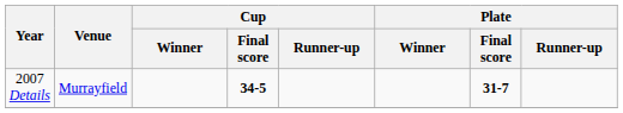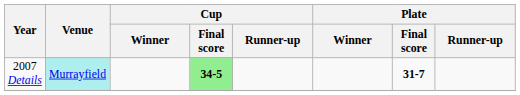 <table class="wikitable" style="font-size:90%; width: 100%; text-align: center;">
 <tr>
 <th rowspan=2 width=5%>Year</th>
 <th rowspan=2 width=10%>Venue</th>
 <th colspan=3>Cup</th>
 <th colspan=3>Plate</th>
 </tr>
 <tr>
 <th width=15%>Winner</th>
 <th width=8%>Final score</th>
 <th width=15%>Runner-up</th>
 <th width=15%>Winner</th>
 <th width=8%>Final score</th>
 <th width=15%>Runner-up</th>
 </tr>
 <tr>
 <td>2007<br> <em><a href='#'>Details</a></em></td>
-<td><a href='#'>Murrayfield</a></td>
+<td style="background: paleturquoise;"><a href='#'>Murrayfield</a></td>
 <td><strong></strong></td>
-<td><strong>34-5</strong></td>
+<td style="background: lightgreen;"><strong>34-5</strong></td>
 <td></td>
 <td></td>
 <td><strong>31-7</strong></td>
 <td></td>
 </tr>
 <tr>
 </tr>
 </table>
